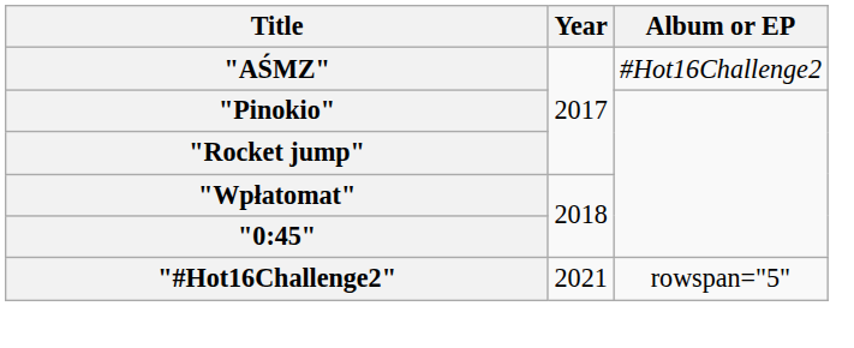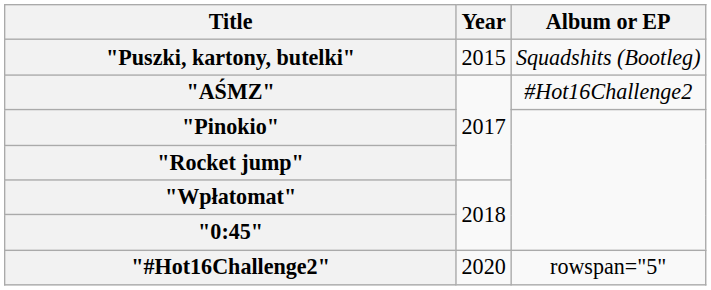 <table class="wikitable plainrowheaders" style="text-align:center;">
 <tr>
 <th scope="col" style="width:20em;">Title</th>
 <th scope="col" style="width:1em;">Year</th>
 <th scope="col">Album or EP</th>
+</tr>
+<tr>
+<th scope="row">"Puszki, kartony, butelki"</th>
+<td>2015</td>
+<td><em>Squadshits (Bootleg)</em></td>
 </tr>
 <tr>
 <th scope="row">"AŚMZ" </th>
 <td rowspan="3">2017</td>
 <td><em>#Hot16Challenge2</em></td>
 </tr>
 <tr>
 <th scope="row">"Pinokio" </th>
 </tr>
 <tr>
 <th scope="row">"Rocket jump" </th>
 </tr>
 <tr>
 <th scope="row">"Wpłatomat" </th>
 <td rowspan="2">2018</td>
 </tr>
 <tr>
 <th scope="row">"0:45" </th>
 </tr>
 <tr>
 <th scope="row">"#Hot16Challenge2"</th>
-<td>2021</td>
+<td>2020</td>
 <td>rowspan="5" </td>
 </tr>
 </table>
